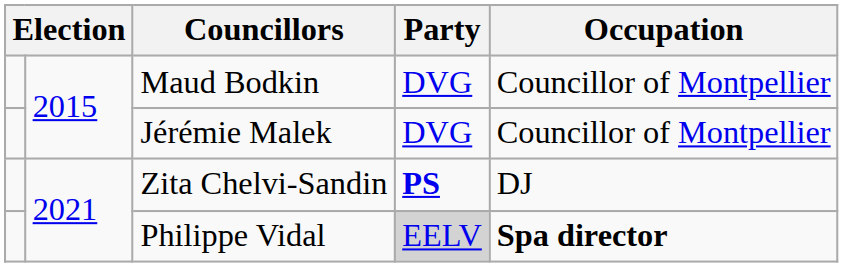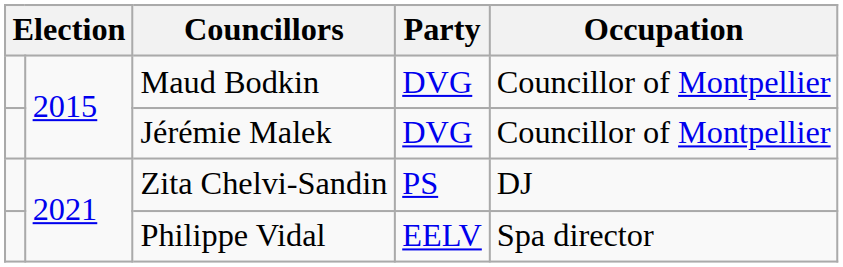 <table class="wikitable">
 <tr>
 <th colspan="2">Election</th>
 <th>Councillors</th>
 <th>Party</th>
 <th>Occupation</th>
 </tr>
 <tr>
 <td style="background-color: "></td>
 <td rowspan="2"><a href='#'>2015</a></td>
 <td>Maud Bodkin</td>
 <td><a href='#'>DVG</a></td>
 <td>Councillor of <a href='#'>Montpellier</a></td>
 </tr>
 <tr>
 <td style="background-color: "></td>
 <td>Jérémie Malek</td>
 <td><a href='#'>DVG</a></td>
 <td>Councillor of <a href='#'>Montpellier</a></td>
 </tr>
 <tr>
 <td style="background-color: "></td>
 <td rowspan="2"><a href='#'>2021</a></td>
 <td>Zita Chelvi-Sandin</td>
-<td><strong><a href='#'>PS</a></strong></td>
+<td><a href='#'>PS</a></td>
 <td>DJ</td>
 </tr>
 <tr>
 <td style="background-color: "></td>
 <td>Philippe Vidal</td>
-<td style="background: lightgrey;"><a href='#'>EELV</a></td>
-<td><strong>Spa director</strong></td>
+<td><a href='#'>EELV</a></td>
+<td>Spa director</td>
 </tr>
 </table>
